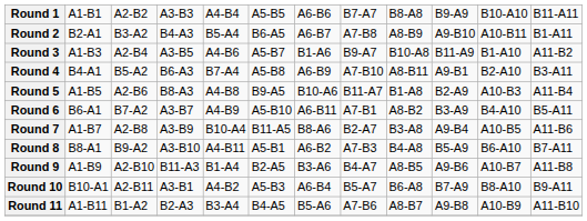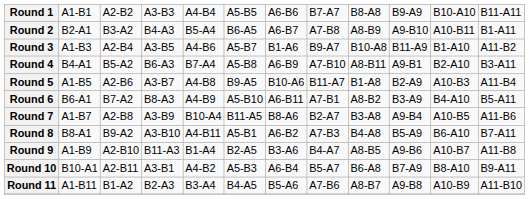 <table class="wikitable">
 <tr>
 <th scope="row">Round 1</th>
 <td>A1-B1</td>
 <td>A2-B2</td>
 <td>A3-B3</td>
 <td>A4-B4</td>
 <td>A5-B5</td>
 <td>A6-B6</td>
 <td>B7-A7</td>
 <td>B8-A8</td>
 <td>B9-A9</td>
 <td>B10-A10</td>
 <td>B11-A11</td>
 </tr>
 <tr>
 <th scope="row">Round 2</th>
 <td>B2-A1</td>
 <td>B3-A2</td>
 <td>B4-A3</td>
 <td>B5-A4</td>
 <td>B6-A5</td>
 <td>A6-B7</td>
 <td>A7-B8</td>
 <td>A8-B9</td>
 <td>A9-B10</td>
 <td>A10-B11</td>
 <td>B1-A11</td>
 </tr>
 <tr>
 <th scope="row">Round 3</th>
 <td>A1-B3</td>
 <td>A2-B4</td>
 <td>A3-B5</td>
 <td>A4-B6</td>
 <td>A5-B7</td>
 <td>B1-A6</td>
 <td>B9-A7</td>
 <td>B10-A8</td>
 <td>B11-A9</td>
 <td>B1-A10</td>
 <td>A11-B2</td>
 </tr>
 <tr>
 <th scope="row">Round 4</th>
 <td>B4-A1</td>
 <td>B5-A2</td>
 <td>B6-A3</td>
 <td>B7-A4</td>
 <td>A5-B8</td>
 <td>A6-B9</td>
 <td>A7-B10</td>
 <td>A8-B11</td>
 <td>A9-B1</td>
 <td>B2-A10</td>
 <td>B3-A11</td>
 </tr>
 <tr>
 <th scope="row">Round 5</th>
 <td>A1-B5</td>
 <td>A2-B6</td>
-<td>B8-A3</td>
+<td>A3-B7</td>
 <td>A4-B8</td>
 <td>B9-A5</td>
 <td>B10-A6</td>
 <td>B11-A7</td>
 <td>B1-A8</td>
 <td>B2-A9</td>
 <td>A10-B3</td>
 <td>A11-B4</td>
 </tr>
 <tr>
 <th scope="row">Round 6</th>
 <td>B6-A1</td>
 <td>B7-A2</td>
-<td>A3-B7</td>
+<td>B8-A3</td>
 <td>A4-B9</td>
 <td>A5-B10</td>
 <td>A6-B11</td>
 <td>A7-B1</td>
 <td>A8-B2</td>
 <td>B3-A9</td>
 <td>B4-A10</td>
 <td>B5-A11</td>
 </tr>
 <tr>
 <th scope="row">Round 7</th>
 <td>A1-B7</td>
 <td>A2-B8</td>
 <td>A3-B9</td>
 <td>B10-A4</td>
 <td>B11-A5</td>
 <td>B8-A6</td>
 <td>B2-A7</td>
 <td>B3-A8</td>
 <td>A9-B4</td>
 <td>A10-B5</td>
 <td>A11-B6</td>
 </tr>
 <tr>
 <th scope="row">Round 8</th>
 <td>B8-A1</td>
 <td>B9-A2</td>
 <td>A3-B10</td>
 <td>A4-B11</td>
 <td>A5-B1</td>
 <td>A6-B2</td>
 <td>A7-B3</td>
 <td>B4-A8</td>
 <td>B5-A9</td>
 <td>B6-A10</td>
 <td>B7-A11</td>
 </tr>
 <tr>
 <th scope="row">Round 9</th>
 <td>A1-B9</td>
 <td>A2-B10</td>
 <td>B11-A3</td>
 <td>B1-A4</td>
 <td>B2-A5</td>
 <td>B3-A6</td>
 <td>B4-A7</td>
 <td>A8-B5</td>
 <td>A9-B6</td>
 <td>A10-B7</td>
 <td>A11-B8</td>
 </tr>
 <tr>
 <th scope="row">Round 10</th>
 <td>B10-A1</td>
 <td>A2-B11</td>
 <td>A3-B1</td>
 <td>A4-B2</td>
 <td>A5-B3</td>
 <td>A6-B4</td>
 <td>B5-A7</td>
 <td>B6-A8</td>
 <td>B7-A9</td>
 <td>B8-A10</td>
 <td>B9-A11</td>
 </tr>
 <tr>
 <th scope="row">Round 11</th>
 <td>A1-B11</td>
 <td>B1-A2</td>
 <td>B2-A3</td>
 <td>B3-A4</td>
 <td>B4-A5</td>
 <td>B5-A6</td>
 <td>A7-B6</td>
 <td>A8-B7</td>
 <td>A9-B8</td>
 <td>A10-B9</td>
 <td>A11-B10</td>
 </tr>
 <tr>
 </tr>
 </table>
